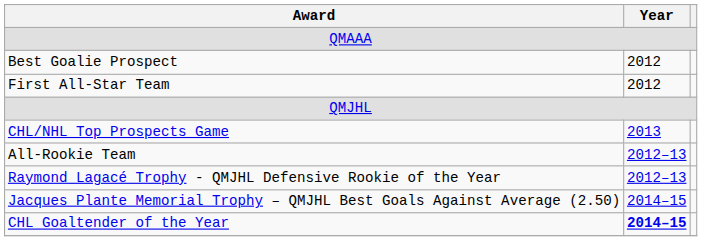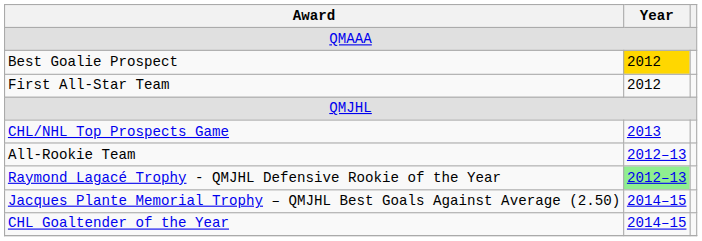 <table class="wikitable">
 <tr>
 <th>Award</th>
 <th>Year</th>
 <th></th>
 </tr>
 <tr ALIGN="center" bgcolor="#e0e0e0">
 <td colspan="3"><a href='#'>QMAAA</a></td>
 </tr>
 <tr>
 <td>Best Goalie Prospect</td>
-<td>2012</td>
+<td style="background: gold;">2012</td>
 <td></td>
 </tr>
 <tr>
 <td>First All-Star Team</td>
 <td>2012</td>
 <td></td>
 </tr>
 <tr ALIGN="center" bgcolor="#e0e0e0">
 <td colspan="3"><a href='#'>QMJHL</a></td>
 </tr>
 <tr>
 <td><a href='#'>CHL/NHL Top Prospects Game</a></td>
 <td><a href='#'>2013</a></td>
 <td></td>
 </tr>
 <tr>
 <td>All-Rookie Team</td>
 <td><a href='#'>2012–13</a></td>
 <td></td>
 </tr>
 <tr>
 <td><a href='#'>Raymond Lagacé Trophy</a> - QMJHL Defensive Rookie of the Year</td>
-<td><a href='#'>2012–13</a></td>
+<td style="background: lightgreen;"><a href='#'>2012–13</a></td>
 <td></td>
 </tr>
 <tr>
 <td><a href='#'>Jacques Plante Memorial Trophy</a> – QMJHL Best Goals Against Average (2.50)</td>
 <td><a href='#'>2014–15</a></td>
 <td></td>
 </tr>
 <tr>
 <td><a href='#'>CHL Goaltender of the Year</a></td>
-<td><strong><a href='#'>2014–15</a></strong></td>
+<td><a href='#'>2014–15</a></td>
 <td></td>
 </tr>
 <tr>
 </tr>
 </table>
